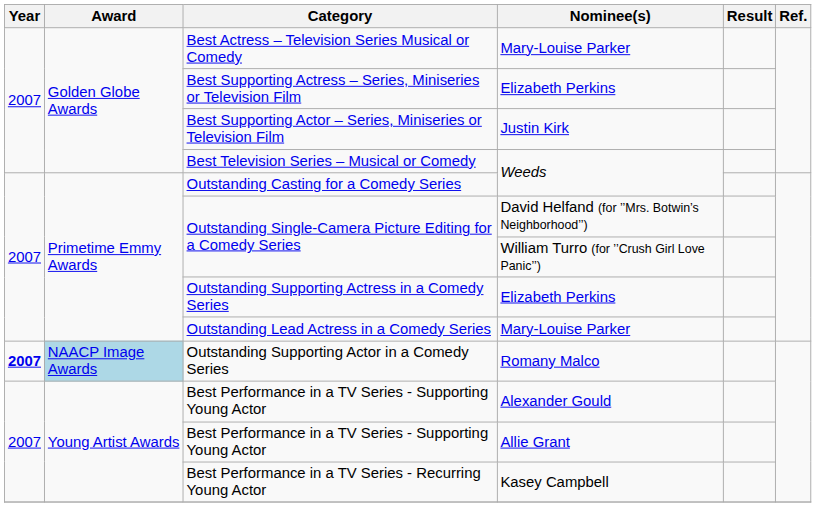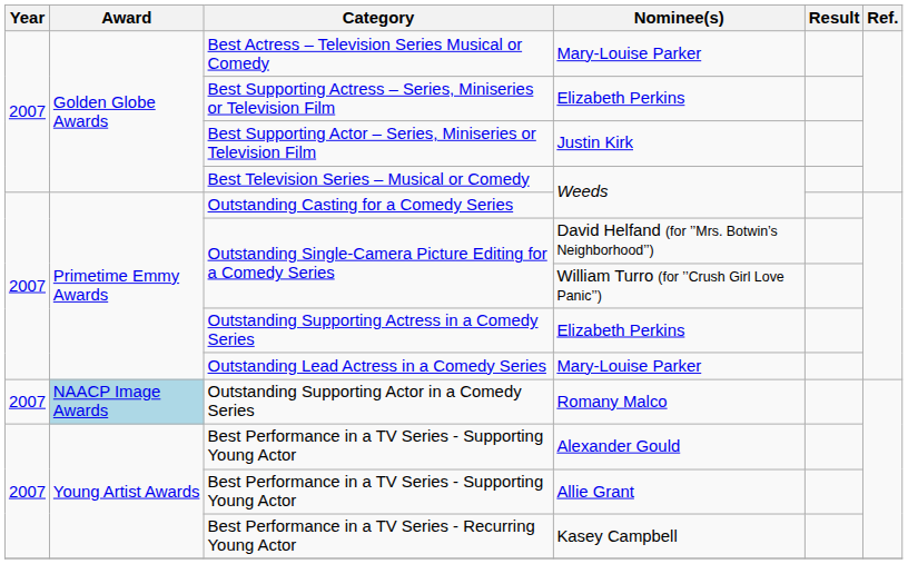 <table class="wikitable">
 <tr>
 <th>Year</th>
 <th>Award</th>
 <th>Category</th>
 <th>Nominee(s)</th>
 <th>Result</th>
 <th>Ref.</th>
 </tr>
 <tr>
 <td rowspan="4"><a href='#'>2007</a></td>
 <td rowspan="4"><a href='#'>Golden Globe Awards</a></td>
 <td><a href='#'>Best Actress – Television Series Musical or Comedy</a></td>
 <td><a href='#'>Mary-Louise Parker</a></td>
 <td></td>
 <td rowspan="4"></td>
 </tr>
 <tr>
 <td><a href='#'>Best Supporting Actress – Series, Miniseries or Television Film</a></td>
 <td><a href='#'>Elizabeth Perkins</a></td>
 <td></td>
 </tr>
 <tr>
 <td><a href='#'>Best Supporting Actor – Series, Miniseries or Television Film</a></td>
 <td><a href='#'>Justin Kirk</a></td>
 <td></td>
 </tr>
 <tr>
 <td><a href='#'>Best Television Series – Musical or Comedy</a></td>
 <td rowspan="2"><em>Weeds</em></td>
 <td></td>
 </tr>
 <tr>
 <td rowspan="5"><a href='#'>2007</a></td>
 <td rowspan="5"><a href='#'>Primetime Emmy Awards</a></td>
 <td><a href='#'>Outstanding Casting for a Comedy Series</a></td>
 <td></td>
 <td rowspan="5"></td>
 </tr>
 <tr>
 <td rowspan="2"><a href='#'>Outstanding Single-Camera Picture Editing for a Comedy Series</a></td>
 <td>David Helfand <small>(for ’’Mrs. Botwin’s Neighborhood’’)</small></td>
 <td></td>
 </tr>
 <tr>
 <td>William Turro <small>(for ’’Crush Girl Love Panic’’)</small></td>
 <td></td>
 </tr>
 <tr>
 <td><a href='#'>Outstanding Supporting Actress in a Comedy Series</a></td>
 <td><a href='#'>Elizabeth Perkins</a></td>
 <td></td>
 </tr>
 <tr>
 <td><a href='#'>Outstanding Lead Actress in a Comedy Series</a></td>
 <td><a href='#'>Mary-Louise Parker</a></td>
 <td></td>
 </tr>
 <tr>
-<td><strong><a href='#'>2007</a></strong></td>
+<td><a href='#'>2007</a></td>
 <td style="background: lightblue;"><a href='#'>NAACP Image Awards</a></td>
 <td>Outstanding Supporting Actor in a Comedy Series</td>
 <td><a href='#'>Romany Malco</a></td>
 <td></td>
 <td rowspan="4"></td>
 </tr>
 <tr>
 <td rowspan="3"><a href='#'>2007</a></td>
 <td rowspan="3"><a href='#'>Young Artist Awards</a></td>
 <td>Best Performance in a TV Series - Supporting Young Actor</td>
 <td><a href='#'>Alexander Gould</a></td>
 <td></td>
 </tr>
 <tr>
 <td>Best Performance in a TV Series - Supporting Young Actor</td>
 <td><a href='#'>Allie Grant</a></td>
 <td></td>
 </tr>
 <tr>
 <td>Best Performance in a TV Series - Recurring Young Actor</td>
 <td>Kasey Campbell</td>
 <td></td>
 </tr>
 <tr>
 </tr>
 </table>
